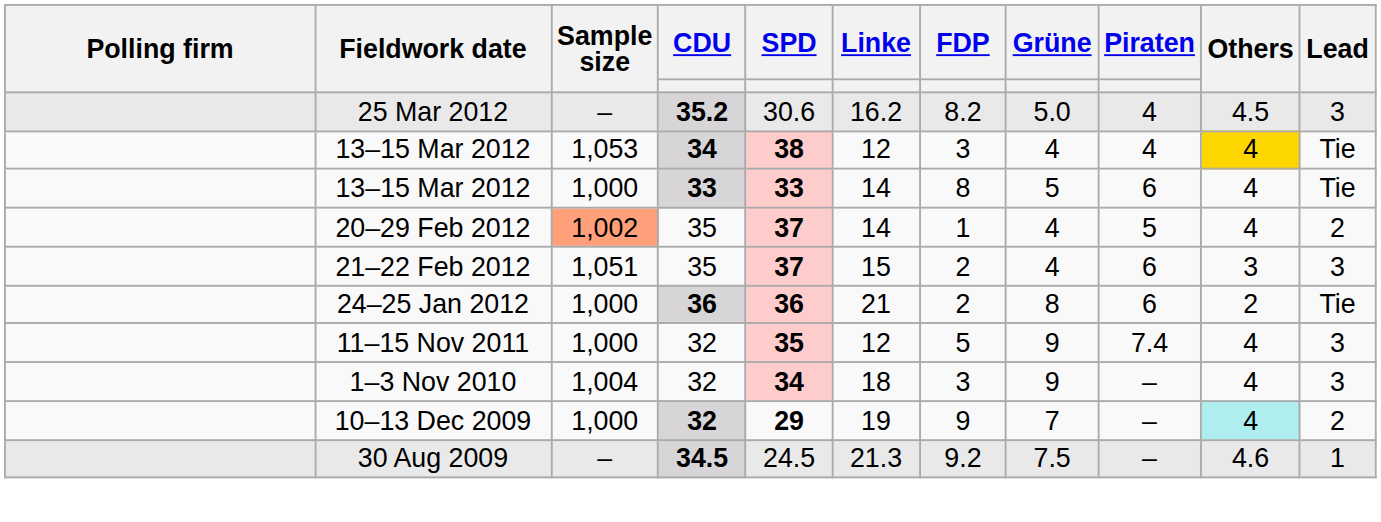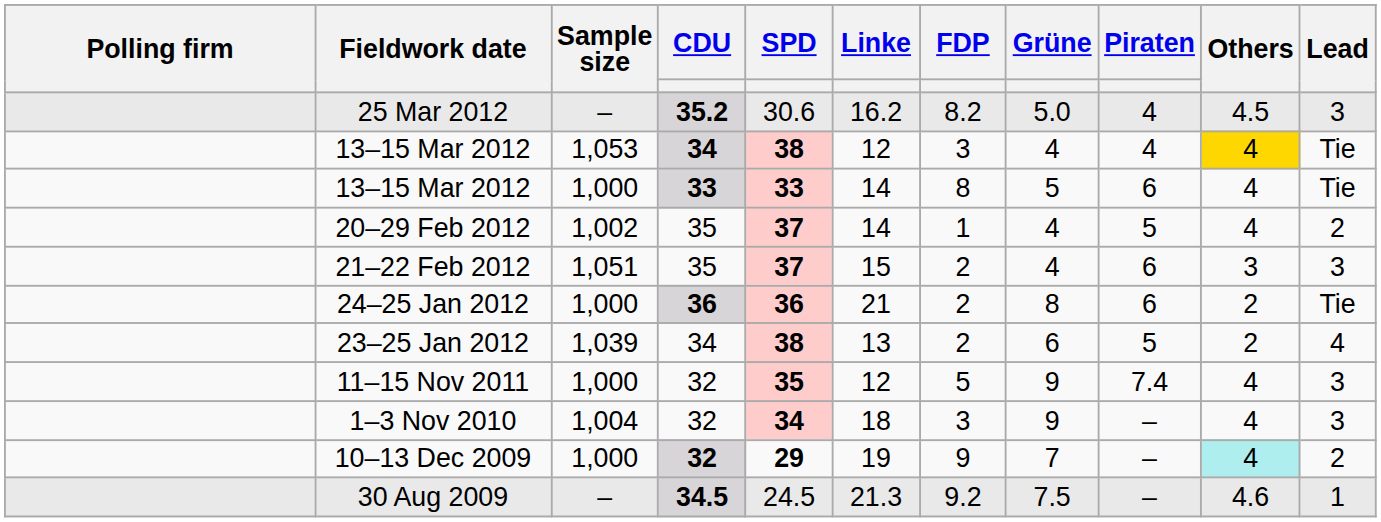 <table class="wikitable sortable" style="text-align:center;font-size:90%;line-height:14px;">
 <tr style="height:40px;">
 <th style="width:160px;" rowspan="2">Polling firm</th>
 <th style="width:120px;" rowspan="2">Fieldwork date</th>
 <th style="width:35px;" rowspan="2">Sample<br>size</th>
 <th class="unsortable" style="width:40px;"><a href='#'>CDU</a></th>
 <th class="unsortable" style="width:40px;"><a href='#'>SPD</a></th>
 <th class="unsortable" style="width:40px;"><a href='#'>Linke</a></th>
 <th class="unsortable" style="width:40px;"><a href='#'>FDP</a></th>
 <th class="unsortable" style="width:40px;"><a href='#'>Grüne</a></th>
 <th class="unsortable" style="width:40px;"><a href='#'>Piraten</a></th>
 <th class="unsortable" style="width:40px;" rowspan="2">Others</th>
 <th style="width:30px;" rowspan="2">Lead</th>
 </tr>
 <tr>
 <th style="background:"></th>
 <th style="background:"></th>
 <th style="background:"></th>
 <th style="background:"></th>
 <th style="background:"></th>
 <th style="background:"></th>
 </tr>
 <tr style="background:#E9E9E9;">
 <td></td>
 <td data-sort-value="2012-03-25">25 Mar 2012</td>
 <td>–</td>
 <td style="background:#D7D5D7;"><strong>35.2</strong></td>
 <td>30.6</td>
 <td>16.2</td>
 <td>8.2</td>
 <td>5.0</td>
 <td>4</td>
 <td>4.5</td>
 <td style="background:">3</td>
 </tr>
 <tr>
 <td></td>
 <td data-sort-value="2012-03-16">13–15 Mar 2012</td>
 <td>1,053</td>
 <td style="background:#D7D5D7;"><strong>34</strong></td>
 <td style="background:#FFCCCC;"><strong>38</strong></td>
 <td>12</td>
 <td>3</td>
 <td>4</td>
 <td>4</td>
 <td style="background: gold;">4</td>
 <td data-sort-value="0">Tie</td>
 </tr>
 <tr>
 <td></td>
 <td data-sort-value="2012-03-15">13–15 Mar 2012</td>
 <td>1,000</td>
 <td style="background:#D7D5D7;"><strong>33</strong></td>
 <td style="background:#FFCCCC;"><strong>33</strong></td>
 <td>14</td>
 <td>8</td>
 <td>5</td>
 <td>6</td>
 <td>4</td>
 <td data-sort-value="0">Tie</td>
 </tr>
 <tr>
 <td></td>
 <td data-sort-value="2012-03-09">20–29 Feb 2012</td>
-<td style="background: lightsalmon;">1,002</td>
+<td>1,002</td>
 <td>35</td>
 <td style="background:#FFCCCC;"><strong>37</strong></td>
 <td>14</td>
 <td>1</td>
 <td>4</td>
 <td>5</td>
 <td>4</td>
 <td style="background:">2</td>
 </tr>
 <tr>
 <td></td>
 <td data-sort-value="2012-02-23">21–22 Feb 2012</td>
 <td>1,051</td>
 <td>35</td>
 <td style="background:#FFCCCC;"><strong>37</strong></td>
 <td>15</td>
 <td>2</td>
 <td>4</td>
 <td>6</td>
 <td>3</td>
 <td style="background:">3</td>
 </tr>
 <tr>
 <td></td>
 <td data-sort-value="2012-01-27">24–25 Jan 2012</td>
 <td>1,000</td>
 <td style="background:#D7D5D7;"><strong>36</strong></td>
 <td style="background:#FFCCCC;"><strong>36</strong></td>
 <td>21</td>
 <td>2</td>
 <td>8</td>
 <td>6</td>
 <td>2</td>
 <td data-sort-value="0">Tie</td>
+</tr>
+<tr>
+<td></td>
+<td data-sort-value="2012-01-26">23–25 Jan 2012</td>
+<td>1,039</td>
+<td>34</td>
+<td style="background:#FFCCCC;"><strong>38</strong></td>
+<td>13</td>
+<td>2</td>
+<td>6</td>
+<td>5</td>
+<td>2</td>
+<td style="background:">4</td>
 </tr>
 <tr>
 <td></td>
 <td data-sort-value="2011-11-16">11–15 Nov 2011</td>
 <td>1,000</td>
 <td>32</td>
 <td style="background:#FFCCCC;"><strong>35</strong></td>
 <td>12</td>
 <td>5</td>
 <td>9</td>
 <td>7.4</td>
 <td>4</td>
 <td style="background:">3</td>
 </tr>
 <tr>
 <td></td>
 <td data-sort-value="2010-11-04">1–3 Nov 2010</td>
 <td>1,004</td>
 <td>32</td>
 <td style="background:#FFCCCC;"><strong>34</strong></td>
 <td>18</td>
 <td>3</td>
 <td>9</td>
 <td>–</td>
 <td>4</td>
 <td style="background:">3</td>
 </tr>
 <tr>
 <td></td>
 <td data-sort-value="2009-12-15">10–13 Dec 2009</td>
 <td>1,000</td>
 <td style="background:#D7D5D7;"><strong>32</strong></td>
 <td><strong>29</strong></td>
 <td>19</td>
 <td>9</td>
 <td>7</td>
 <td>–</td>
 <td style="background: paleturquoise;">4</td>
 <td style="background:">2</td>
 </tr>
 <tr style="background:#E9E9E9;">
 <td></td>
 <td data-sort-value="2009-08-30">30 Aug 2009</td>
 <td>–</td>
 <td style="background:#D7D5D7;"><strong>34.5</strong></td>
 <td>24.5</td>
 <td>21.3</td>
 <td>9.2</td>
 <td>7.5</td>
 <td>–</td>
 <td>4.6</td>
 <td style="background:">1</td>
 </tr>
 </table>
